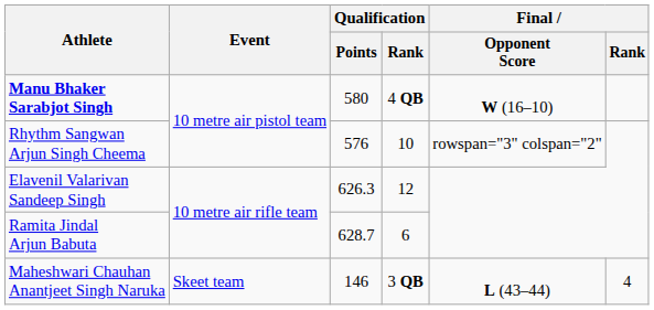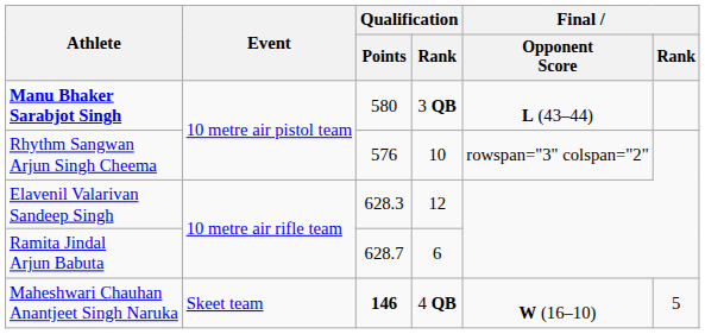 <table class="wikitable" style="font-size:90%">
 <tr>
 <th rowspan="2">Athlete</th>
 <th rowspan="2">Event</th>
 <th colspan=2>Qualification</th>
 <th colspan=2>Final / </th>
 </tr>
 <tr style="font-size:95%">
 <th>Points</th>
 <th>Rank</th>
 <th>Opponent <br> Score</th>
 <th>Rank</th>
 </tr>
 <tr align=center>
 <td align=left><strong><a href='#'>Manu Bhaker</a></strong> <br> <strong><a href='#'>Sarabjot Singh</a></strong></td>
 <td align=left rowspan=2><a href='#'>10 metre air pistol team</a></td>
 <td>580</td>
-<td>4 <strong>QB</strong></td>
-<td> <br><strong>W</strong> (16–10)</td>
+<td>3 <strong>QB</strong></td>
+<td> <br> <strong>L</strong> (43–44)</td>
 <td></td>
 </tr>
 <tr align=center>
 <td align=left><a href='#'>Rhythm Sangwan</a> <br> <a href='#'>Arjun Singh Cheema</a></td>
 <td>576</td>
 <td>10</td>
 <td>rowspan="3" colspan="2"</td>
 </tr>
 <tr align=center>
 <td align=left><a href='#'>Elavenil Valarivan</a> <br> <a href='#'>Sandeep Singh</a></td>
 <td align=left rowspan=2><a href='#'>10 metre air rifle team</a></td>
-<td>626.3</td>
+<td>628.3</td>
 <td>12</td>
 </tr>
 <tr align=center>
 <td align= left><a href='#'>Ramita Jindal</a> <br> <a href='#'>Arjun Babuta</a></td>
 <td>628.7</td>
 <td>6</td>
 </tr>
 <tr align=center>
 <td align=left><a href='#'>Maheshwari Chauhan</a> <br> <a href='#'>Anantjeet Singh Naruka</a></td>
 <td align=left><a href='#'>Skeet team</a></td>
-<td>146</td>
-<td>3 <strong>QB</strong></td>
-<td> <br> <strong>L</strong> (43–44)</td>
-<td>4</td>
+<td><strong>146</strong></td>
+<td>4 <strong>QB</strong></td>
+<td> <br><strong>W</strong> (16–10)</td>
+<td>5</td>
 </tr>
 </table>
